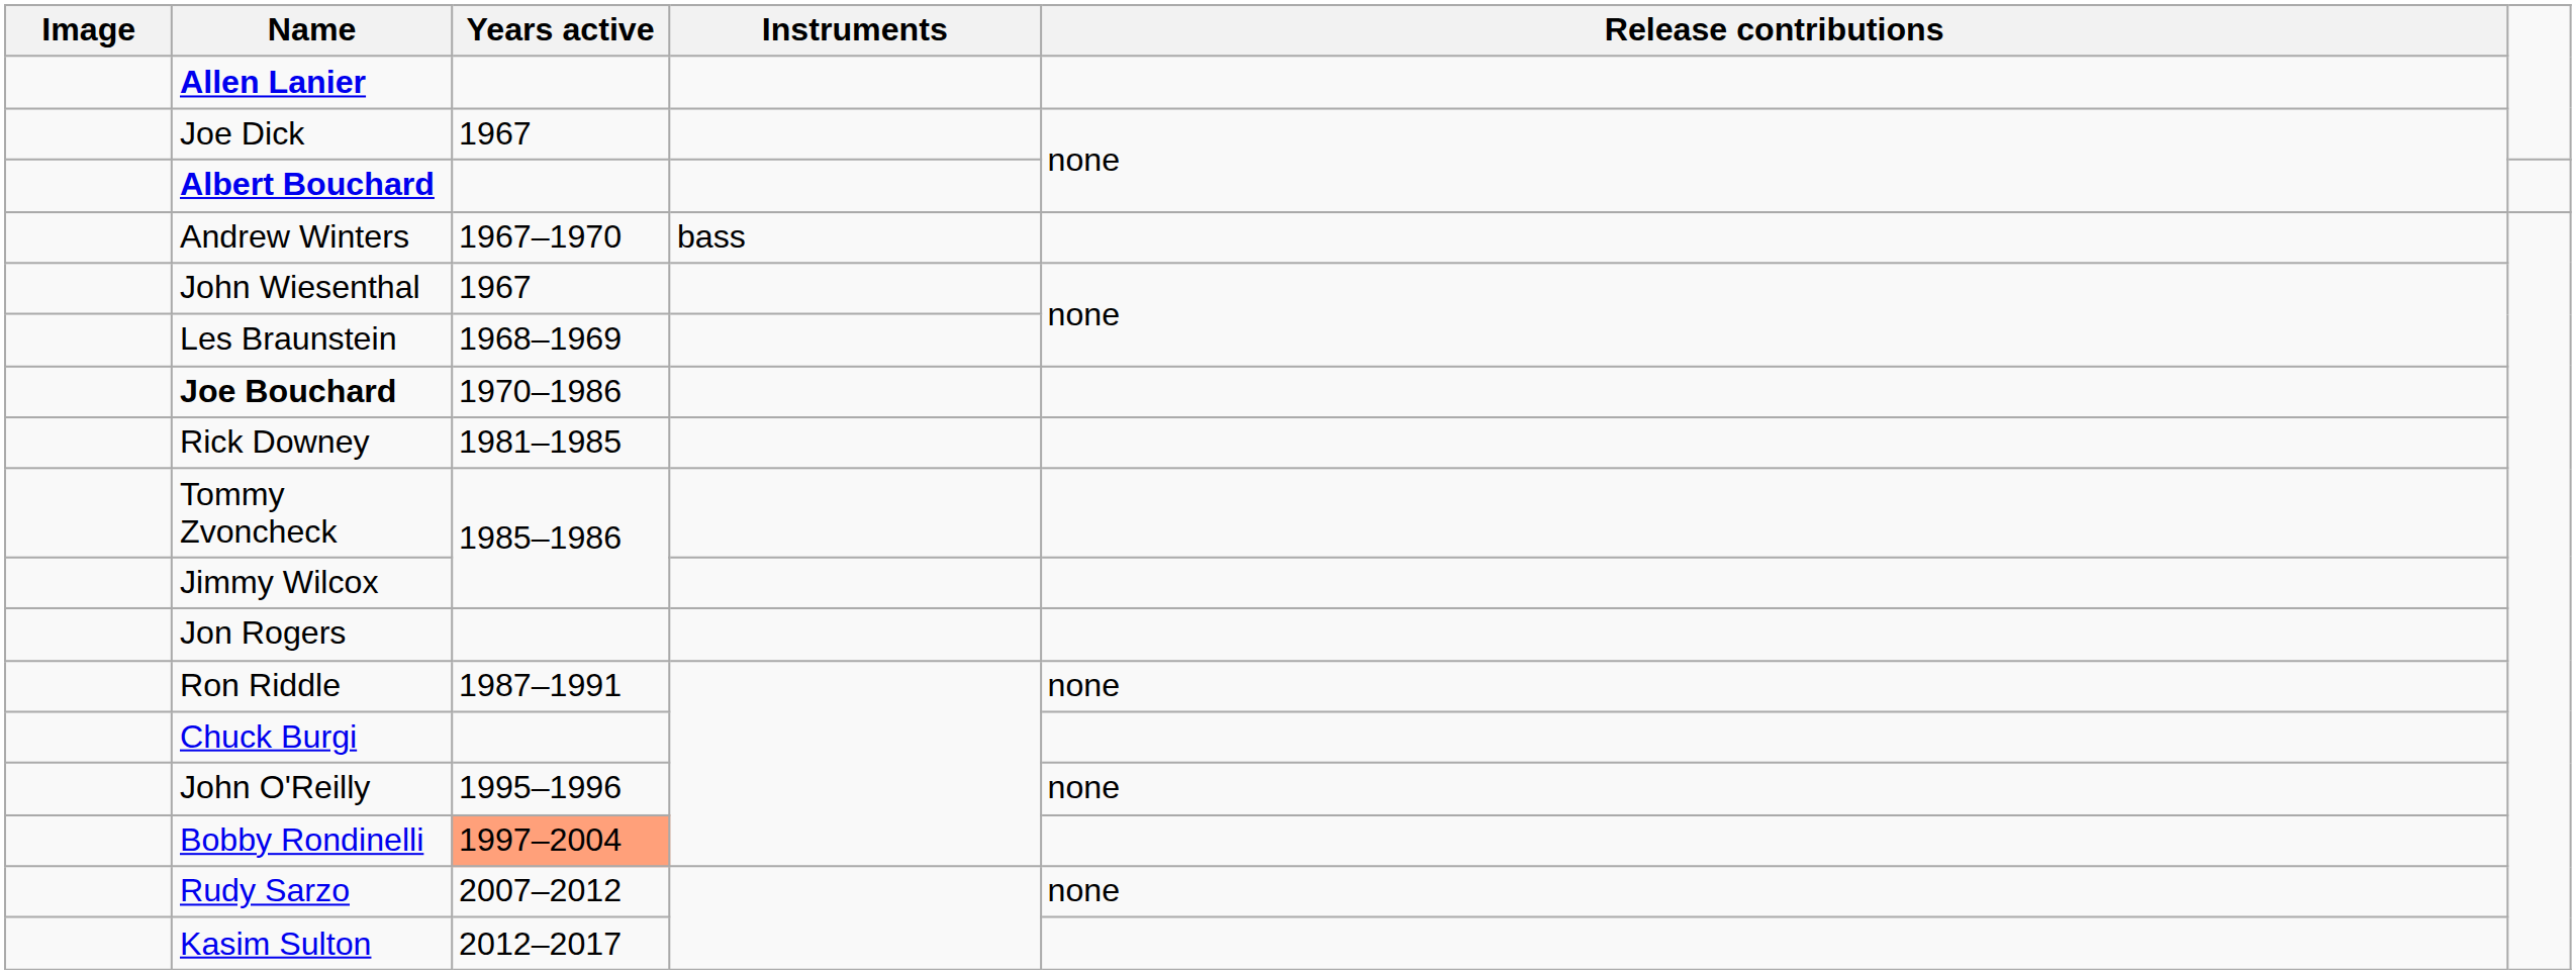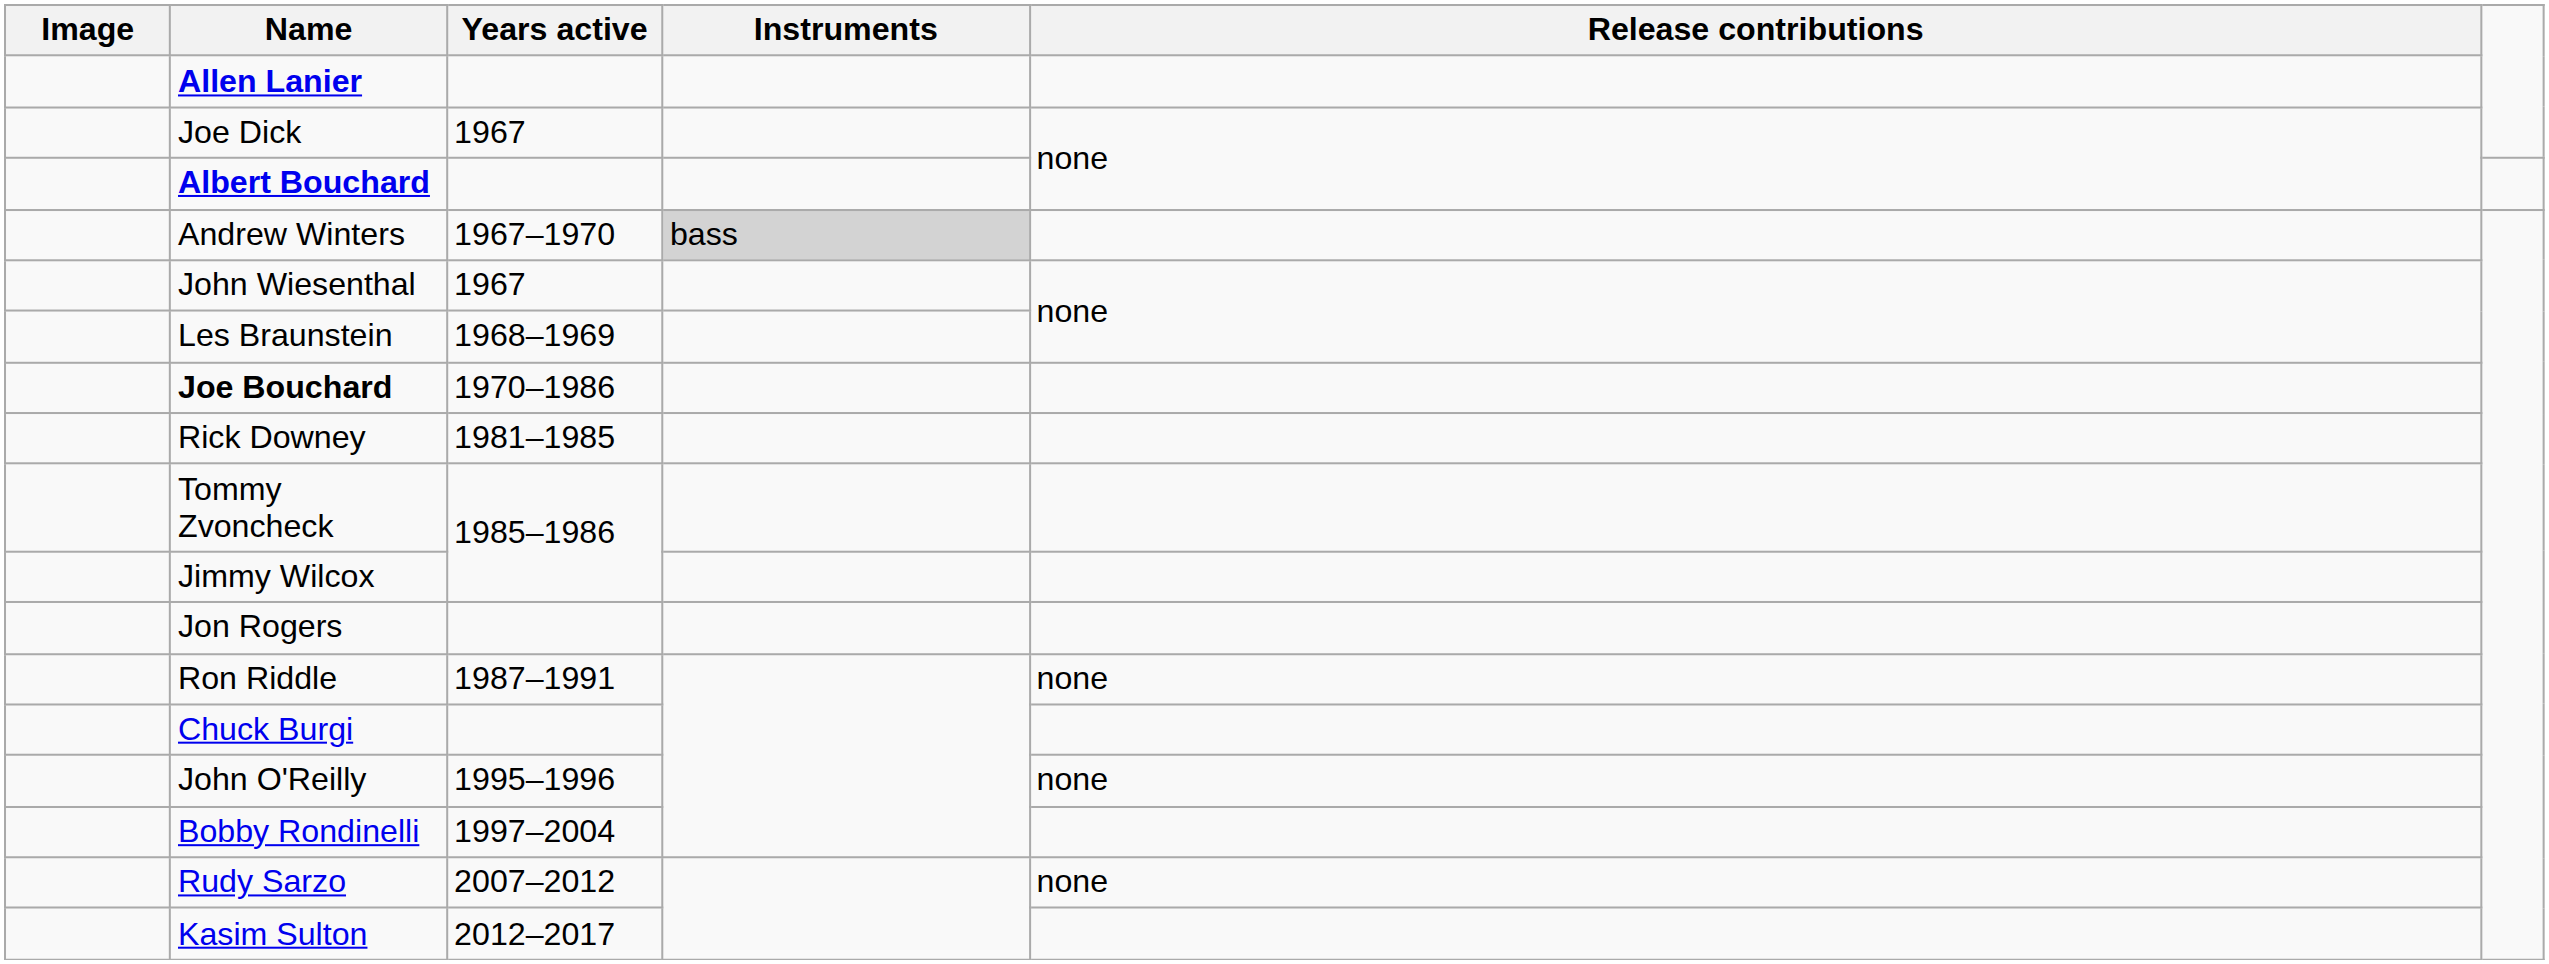 <table class="wikitable" border="1" width=100%>
 <tr>
 <th width="75">Image</th>
 <th width="130">Name</th>
 <th width="100">Years active</th>
 <th width="175">Instruments</th>
 <th>Release contributions</th>
 </tr>
 <tr>
 <td></td>
 <td><strong><a href='#'>Allen Lanier</a></strong></td>
 <td></td>
 <td></td>
 <td></td>
 </tr>
 <tr>
 <td></td>
 <td>Joe Dick</td>
 <td>1967</td>
 <td></td>
 <td rowspan="2">none</td>
 </tr>
 <tr>
 <td></td>
 <td><strong><a href='#'>Albert Bouchard</a></strong></td>
 <td></td>
 <td></td>
 <td></td>
 </tr>
 <tr>
 <td></td>
 <td>Andrew Winters</td>
 <td>1967–1970</td>
-<td>bass</td>
+<td style="background: lightgrey;">bass</td>
 <td></td>
 </tr>
 <tr>
 <td></td>
 <td>John Wiesenthal</td>
 <td>1967</td>
 <td></td>
 <td rowspan="2">none</td>
 </tr>
 <tr>
 <td></td>
 <td>Les Braunstein</td>
 <td>1968–1969</td>
 <td></td>
 </tr>
 <tr>
 <td></td>
 <td><strong>Joe Bouchard</strong></td>
 <td>1970–1986</td>
 <td></td>
 <td></td>
 </tr>
 <tr>
 <td></td>
 <td>Rick Downey</td>
 <td>1981–1985</td>
 <td></td>
 <td></td>
 </tr>
 <tr>
 <td></td>
 <td>Tommy Zvoncheck</td>
 <td rowspan="2">1985–1986</td>
 <td></td>
 <td></td>
 </tr>
 <tr>
 <td></td>
 <td>Jimmy Wilcox</td>
 <td></td>
 <td></td>
 </tr>
 <tr>
 <td></td>
 <td>Jon Rogers</td>
 <td></td>
 <td></td>
 <td></td>
 </tr>
 <tr>
 <td></td>
 <td>Ron Riddle</td>
 <td>1987–1991</td>
 <td rowspan="4"></td>
 <td>none</td>
 </tr>
 <tr>
 <td></td>
 <td><a href='#'>Chuck Burgi</a></td>
 <td></td>
 <td></td>
 </tr>
 <tr>
 <td></td>
 <td>John O'Reilly</td>
 <td>1995–1996</td>
 <td>none</td>
 </tr>
 <tr>
 <td></td>
 <td><a href='#'>Bobby Rondinelli</a></td>
-<td style="background: lightsalmon;">1997–2004</td>
+<td>1997–2004</td>
 <td></td>
 </tr>
 <tr>
 <td></td>
 <td><a href='#'>Rudy Sarzo</a></td>
 <td>2007–2012</td>
 <td rowspan="2"></td>
 <td>none</td>
 </tr>
 <tr>
 <td></td>
 <td><a href='#'>Kasim Sulton</a></td>
 <td>2012–2017</td>
 <td></td>
 </tr>
 </table>
